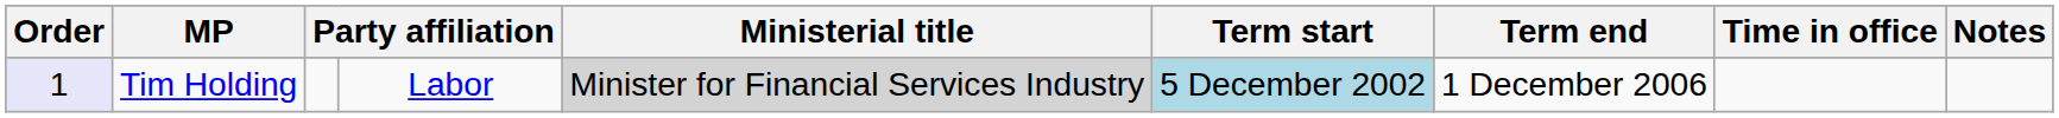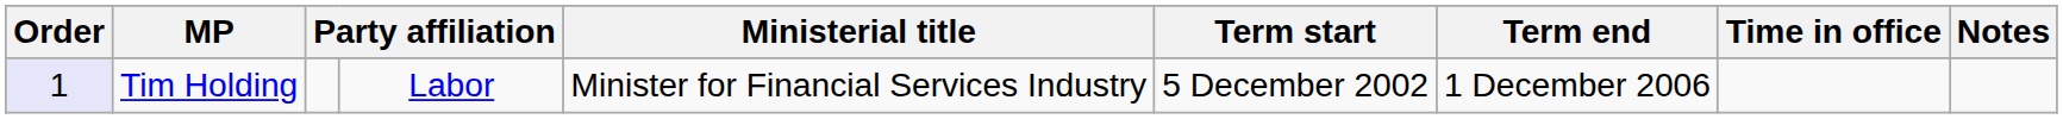 <table class="wikitable" style="text-align:center">
 <tr>
 <th>Order</th>
 <th>MP</th>
 <th colspan="2">Party affiliation</th>
 <th>Ministerial title</th>
 <th>Term start</th>
 <th>Term end</th>
 <th>Time in office</th>
 <th>Notes</th>
 </tr>
 <tr>
 <td style="background: lavender;">1</td>
 <td><a href='#'>Tim Holding</a> </td>
 <td></td>
 <td><a href='#'>Labor</a></td>
-<td style="background: lightgrey;">Minister for Financial Services Industry</td>
-<td style="background: lightblue;">5 December 2002</td>
+<td>Minister for Financial Services Industry</td>
+<td>5 December 2002</td>
 <td>1 December 2006</td>
 <td></td>
 <td></td>
 </tr>
 </table>
